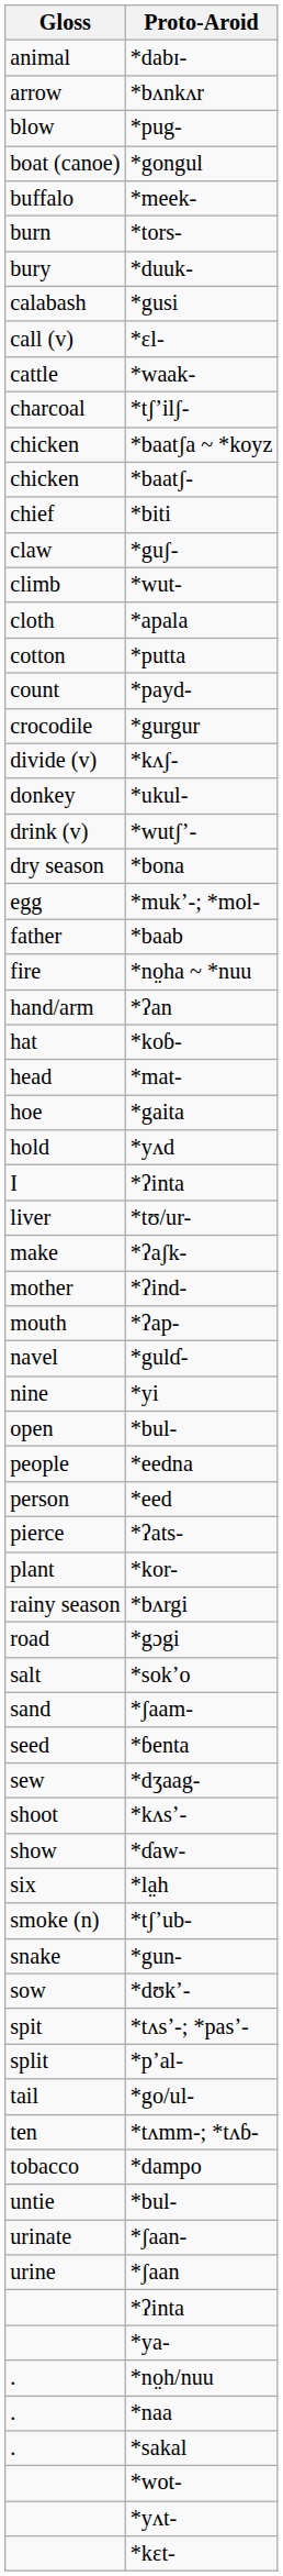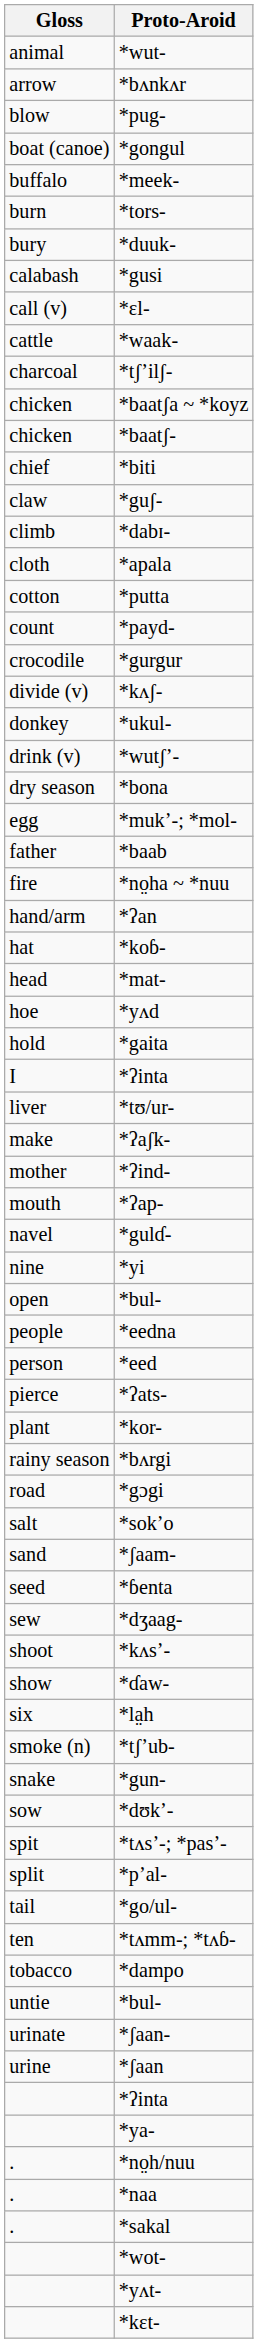 <table class="wikitable sortable">
 <tr>
 <th>Gloss</th>
 <th>Proto-Aroid</th>
 </tr>
 <tr>
 <td>animal</td>
-<td>*dabɪ-</td>
+<td>*wut-</td>
 </tr>
 <tr>
 <td>arrow</td>
 <td>*bʌnkʌr</td>
 </tr>
 <tr>
 <td>blow</td>
 <td>*pug-</td>
 </tr>
 <tr>
 <td>boat (canoe)</td>
 <td>*gongul</td>
 </tr>
 <tr>
 <td>buffalo</td>
 <td>*meek-</td>
 </tr>
 <tr>
 <td>burn</td>
 <td>*tors-</td>
 </tr>
 <tr>
 <td>bury</td>
 <td>*duuk-</td>
 </tr>
 <tr>
 <td>calabash</td>
 <td>*gusi</td>
 </tr>
 <tr>
 <td>call (v)</td>
 <td>*ɛl-</td>
 </tr>
 <tr>
 <td>cattle</td>
 <td>*waak-</td>
 </tr>
 <tr>
 <td>charcoal</td>
 <td>*tʃ’ilʃ-</td>
 </tr>
 <tr>
 <td>chicken</td>
 <td>*baatʃa ~ *koyz</td>
 </tr>
 <tr>
 <td>chicken</td>
 <td>*baatʃ-</td>
 </tr>
 <tr>
 <td>chief</td>
 <td>*biti</td>
 </tr>
 <tr>
 <td>claw</td>
 <td>*guʃ-</td>
 </tr>
 <tr>
 <td>climb</td>
-<td>*wut-</td>
+<td>*dabɪ-</td>
 </tr>
 <tr>
 <td>cloth</td>
 <td>*apala</td>
 </tr>
 <tr>
 <td>cotton</td>
 <td>*putta</td>
 </tr>
 <tr>
 <td>count</td>
 <td>*payd-</td>
 </tr>
 <tr>
 <td>crocodile</td>
 <td>*gurgur</td>
 </tr>
 <tr>
 <td>divide (v)</td>
 <td>*kʌʃ-</td>
 </tr>
 <tr>
 <td>donkey</td>
 <td>*ukul-</td>
 </tr>
 <tr>
 <td>drink (v)</td>
 <td>*wutʃ’-</td>
 </tr>
 <tr>
 <td>dry season</td>
 <td>*bona</td>
 </tr>
 <tr>
 <td>egg</td>
 <td>*muk’-; *mol-</td>
 </tr>
 <tr>
 <td>father</td>
 <td>*baab</td>
 </tr>
 <tr>
 <td>fire</td>
 <td>*no̤ha ~ *nuu</td>
 </tr>
 <tr>
 <td>hand/arm</td>
 <td>*ʔan</td>
 </tr>
 <tr>
 <td>hat</td>
 <td>*koɓ-</td>
 </tr>
 <tr>
 <td>head</td>
 <td>*mat-</td>
 </tr>
 <tr>
 <td>hoe</td>
-<td>*gaita</td>
+<td>*yʌd</td>
 </tr>
 <tr>
 <td>hold</td>
-<td>*yʌd</td>
+<td>*gaita</td>
 </tr>
 <tr>
 <td>I</td>
 <td>*ʔinta</td>
 </tr>
 <tr>
 <td>liver</td>
 <td>*tʊ/ur-</td>
 </tr>
 <tr>
 <td>make</td>
 <td>*ʔaʃk-</td>
 </tr>
 <tr>
 <td>mother</td>
 <td>*ʔind-</td>
 </tr>
 <tr>
 <td>mouth</td>
 <td>*ʔap-</td>
 </tr>
 <tr>
 <td>navel</td>
 <td>*gulɗ-</td>
 </tr>
 <tr>
 <td>nine</td>
 <td>*yi</td>
 </tr>
 <tr>
 <td>open</td>
 <td>*bul-</td>
 </tr>
 <tr>
 <td>people</td>
 <td>*eedna</td>
 </tr>
 <tr>
 <td>person</td>
 <td>*eed</td>
 </tr>
 <tr>
 <td>pierce</td>
 <td>*ʔats-</td>
 </tr>
 <tr>
 <td>plant</td>
 <td>*kor-</td>
 </tr>
 <tr>
 <td>rainy season</td>
 <td>*bʌrgi</td>
 </tr>
 <tr>
 <td>road</td>
 <td>*gɔgi</td>
 </tr>
 <tr>
 <td>salt</td>
 <td>*sok’o</td>
 </tr>
 <tr>
 <td>sand</td>
 <td>*ʃaam-</td>
 </tr>
 <tr>
 <td>seed</td>
 <td>*ɓenta</td>
 </tr>
 <tr>
 <td>sew</td>
 <td>*dʒaag-</td>
 </tr>
 <tr>
 <td>shoot</td>
 <td>*kʌs’-</td>
 </tr>
 <tr>
 <td>show</td>
 <td>*ɗaw-</td>
 </tr>
 <tr>
 <td>six</td>
 <td>*la̤h</td>
 </tr>
 <tr>
 <td>smoke (n)</td>
 <td>*tʃ’ub-</td>
 </tr>
 <tr>
 <td>snake</td>
 <td>*gun-</td>
 </tr>
 <tr>
 <td>sow</td>
 <td>*dʊk’-</td>
 </tr>
 <tr>
 <td>spit</td>
 <td>*tʌs’-; *pas’-</td>
 </tr>
 <tr>
 <td>split</td>
 <td>*p’al-</td>
 </tr>
 <tr>
 <td>tail</td>
 <td>*go/ul-</td>
 </tr>
 <tr>
 <td>ten</td>
 <td>*tʌmm-; *tʌɓ-</td>
 </tr>
 <tr>
 <td>tobacco</td>
 <td>*dampo</td>
 </tr>
 <tr>
 <td>untie</td>
 <td>*bul-</td>
 </tr>
 <tr>
 <td>urinate</td>
 <td>*ʃaan-</td>
 </tr>
 <tr>
 <td>urine</td>
 <td>*ʃaan</td>
 </tr>
 <tr>
 <td></td>
 <td>*ʔinta</td>
 </tr>
 <tr>
 <td></td>
 <td>*ya-</td>
 </tr>
 <tr>
 <td>.</td>
 <td>*no̤h/nuu</td>
 </tr>
 <tr>
 <td>.</td>
 <td>*naa</td>
 </tr>
 <tr>
 <td>.</td>
 <td>*sakal</td>
 </tr>
 <tr>
 <td></td>
 <td>*wot-</td>
 </tr>
 <tr>
 <td></td>
 <td>*yʌt-</td>
 </tr>
 <tr>
 <td></td>
 <td>*kɛt-</td>
 </tr>
 </table>
